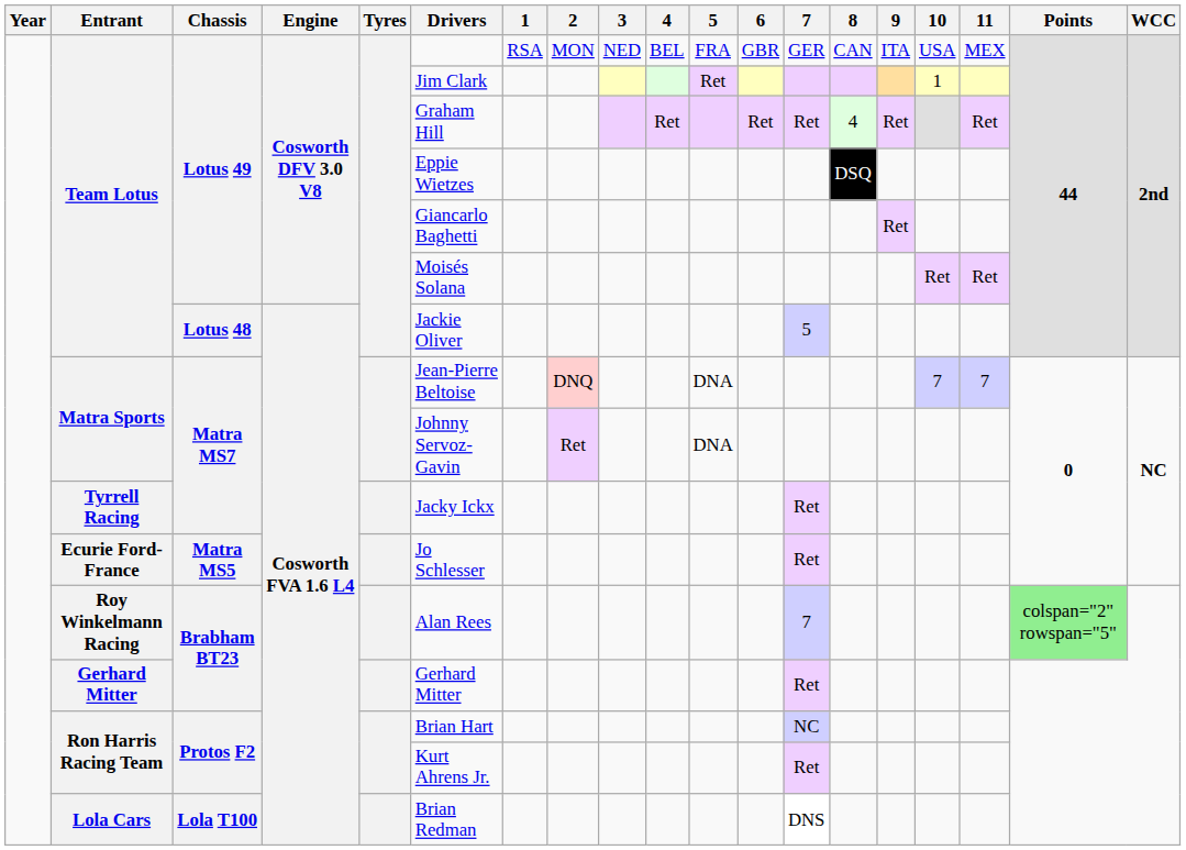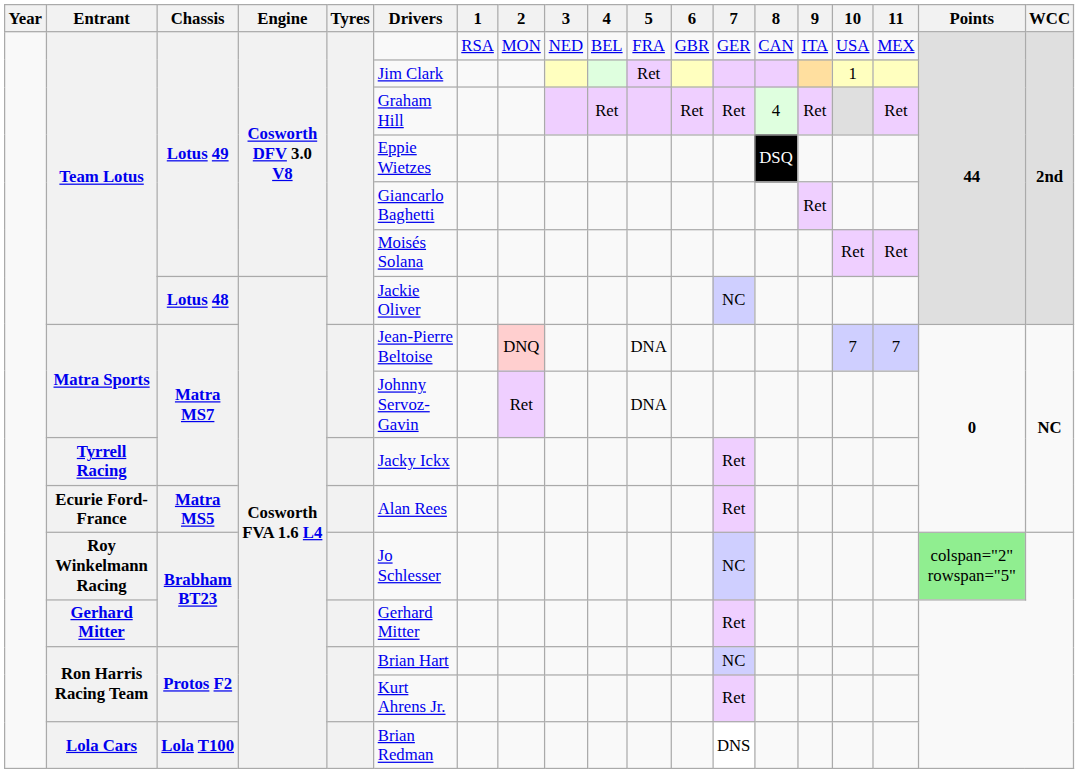 <table class="wikitable" style="text-align:center; font-size:85%">
 <tr>
 <th>Year</th>
 <th>Entrant</th>
 <th>Chassis</th>
 <th>Engine</th>
 <th>Tyres</th>
 <th>Drivers</th>
 <th>1</th>
 <th>2</th>
 <th>3</th>
 <th>4</th>
 <th>5</th>
 <th>6</th>
 <th>7</th>
 <th>8</th>
 <th>9</th>
 <th>10</th>
 <th>11</th>
 <th>Points</th>
 <th>WCC</th>
 </tr>
 <tr>
 <td rowspan="16"></td>
 <th rowspan="7"><a href='#'>Team Lotus</a></th>
 <th rowspan="6"><a href='#'>Lotus</a> <a href='#'>49</a></th>
 <th rowspan="6"><a href='#'>Cosworth DFV</a> 3.0 <a href='#'>V8</a></th>
 <th rowspan="7"></th>
 <td></td>
 <td><a href='#'>RSA</a></td>
 <td><a href='#'>MON</a></td>
 <td><a href='#'>NED</a></td>
 <td><a href='#'>BEL</a></td>
 <td><a href='#'>FRA</a></td>
 <td><a href='#'>GBR</a></td>
 <td><a href='#'>GER</a></td>
 <td><a href='#'>CAN</a></td>
 <td><a href='#'>ITA</a></td>
 <td><a href='#'>USA</a></td>
 <td><a href='#'>MEX</a></td>
 <td rowspan="7" style="background:#dfdfdf;"><strong>44</strong></td>
 <td rowspan="7" style="background:#dfdfdf;"><strong>2nd</strong></td>
 </tr>
 <tr>
 <td align="left"><a href='#'>Jim Clark</a></td>
 <td></td>
 <td></td>
 <td style="background:#ffffbf;"></td>
 <td style="background:#dfffdf;"></td>
 <td style="background:#efcfff;">Ret</td>
 <td style="background:#ffffbf;"></td>
 <td style="background:#efcfff;"></td>
 <td style="background:#efcfff;"></td>
 <td style="background:#ffdf9f;"></td>
 <td style="background:#ffffbf;">1</td>
 <td style="background:#ffffbf;"></td>
 </tr>
 <tr>
 <td align="left"><a href='#'>Graham Hill</a></td>
 <td></td>
 <td></td>
 <td style="background:#efcfff;"></td>
 <td style="background:#efcfff;">Ret</td>
 <td style="background:#efcfff;"></td>
 <td style="background:#efcfff;">Ret</td>
 <td style="background:#efcfff;">Ret</td>
 <td style="background:#dfffdf;">4</td>
 <td style="background:#efcfff;">Ret</td>
 <td style="background:#dfdfdf;"></td>
 <td style="background:#efcfff;">Ret</td>
 </tr>
 <tr>
 <td align="left"><a href='#'>Eppie Wietzes</a></td>
 <td></td>
 <td></td>
 <td></td>
 <td></td>
 <td></td>
 <td></td>
 <td></td>
 <td style="background:#000000; color:#ffffff">DSQ</td>
 <td></td>
 <td></td>
 <td></td>
 </tr>
 <tr>
 <td align="left"><a href='#'>Giancarlo Baghetti</a></td>
 <td></td>
 <td></td>
 <td></td>
 <td></td>
 <td></td>
 <td></td>
 <td></td>
 <td></td>
 <td style="background:#efcfff;">Ret</td>
 <td></td>
 <td></td>
 </tr>
 <tr>
 <td align="left"><a href='#'>Moisés Solana</a></td>
 <td></td>
 <td></td>
 <td></td>
 <td></td>
 <td></td>
 <td></td>
 <td></td>
 <td></td>
 <td></td>
 <td style="background:#efcfff;">Ret</td>
 <td style="background:#efcfff;">Ret</td>
 </tr>
 <tr>
 <th><a href='#'>Lotus</a> <a href='#'>48</a></th>
 <th rowspan="10">Cosworth FVA 1.6 <a href='#'>L4</a></th>
 <td align="left"><a href='#'>Jackie Oliver</a></td>
 <td></td>
 <td></td>
 <td></td>
 <td></td>
 <td></td>
 <td></td>
-<td style="background:#CFCFFF;">5</td>
+<td style="background:#cfcfff;">NC</td>
 <td></td>
 <td></td>
 <td></td>
 <td></td>
 </tr>
 <tr>
 <th rowspan="2"><a href='#'>Matra Sports</a></th>
 <th rowspan="3"><a href='#'>Matra</a> <a href='#'>MS7</a></th>
 <th rowspan="2"></th>
 <td align="left"><a href='#'>Jean-Pierre Beltoise</a></td>
 <td></td>
 <td style="background:#ffcfcf;">DNQ</td>
 <td></td>
 <td></td>
 <td>DNA</td>
 <td></td>
 <td></td>
 <td></td>
 <td></td>
 <td style="background:#CFCFFF;">7</td>
 <td style="background:#CFCFFF;">7</td>
 <td rowspan="4"><strong>0</strong></td>
 <td rowspan="4"><strong>NC</strong></td>
 </tr>
 <tr>
 <td align="left"><a href='#'>Johnny Servoz-Gavin</a></td>
 <td></td>
 <td style="background:#efcfff;">Ret</td>
 <td></td>
 <td></td>
 <td>DNA</td>
 <td></td>
 <td></td>
 <td></td>
 <td></td>
 <td></td>
 <td></td>
 </tr>
 <tr>
 <th><a href='#'>Tyrrell Racing</a></th>
 <th></th>
 <td align="left"><a href='#'>Jacky Ickx</a></td>
 <td></td>
 <td></td>
 <td></td>
 <td></td>
 <td></td>
 <td></td>
 <td style="background:#EFCFFF;">Ret</td>
 <td></td>
 <td></td>
 <td></td>
 <td></td>
 </tr>
 <tr>
 <th>Ecurie Ford-France</th>
 <th><a href='#'>Matra</a> <a href='#'>MS5</a></th>
 <th></th>
-<td align="left"><a href='#'>Jo Schlesser</a></td>
+<td align="left"><a href='#'>Alan Rees</a></td>
 <td></td>
 <td></td>
 <td></td>
 <td></td>
 <td></td>
 <td></td>
 <td style="background:#EFCFFF;">Ret</td>
 <td></td>
 <td></td>
 <td></td>
 <td></td>
 </tr>
 <tr>
 <th>Roy Winkelmann Racing</th>
 <th rowspan="2"><a href='#'>Brabham</a> <a href='#'>BT23</a></th>
 <th></th>
-<td align="left"><a href='#'>Alan Rees</a></td>
+<td align="left"><a href='#'>Jo Schlesser</a></td>
 <td></td>
 <td></td>
 <td></td>
 <td></td>
 <td></td>
 <td></td>
-<td style="background:#CFCFFF;">7</td>
+<td style="background:#cfcfff;">NC</td>
 <td></td>
 <td></td>
 <td></td>
 <td></td>
 <td style="background: lightgreen;">colspan="2" rowspan="5" </td>
 </tr>
 <tr>
 <th><a href='#'>Gerhard Mitter</a></th>
 <th></th>
 <td align="left"><a href='#'>Gerhard Mitter</a></td>
 <td></td>
 <td></td>
 <td></td>
 <td></td>
 <td></td>
 <td></td>
 <td style="background:#EFCFFF;">Ret</td>
 <td></td>
 <td></td>
 <td></td>
 <td></td>
 </tr>
 <tr>
 <th rowspan="2">Ron Harris Racing Team</th>
 <th rowspan="2"><a href='#'>Protos</a> <a href='#'>F2</a></th>
 <th rowspan="2"></th>
 <td align="left"><a href='#'>Brian Hart</a></td>
 <td></td>
 <td></td>
 <td></td>
 <td></td>
 <td></td>
 <td></td>
 <td style="background:#cfcfff;">NC</td>
 <td></td>
 <td></td>
 <td></td>
 <td></td>
 </tr>
 <tr>
 <td align="left"><a href='#'>Kurt Ahrens Jr.</a></td>
 <td></td>
 <td></td>
 <td></td>
 <td></td>
 <td></td>
 <td></td>
 <td style="background:#EFCFFF;">Ret</td>
 <td></td>
 <td></td>
 <td></td>
 <td></td>
 </tr>
 <tr>
 <th><a href='#'>Lola Cars</a></th>
 <th><a href='#'>Lola</a> <a href='#'>T100</a></th>
 <th></th>
 <td align="left"><a href='#'>Brian Redman</a></td>
 <td></td>
 <td></td>
 <td></td>
 <td></td>
 <td></td>
 <td></td>
 <td style="background:#ffffff;">DNS</td>
 <td></td>
 <td></td>
 <td></td>
 <td></td>
 </tr>
 </table>
